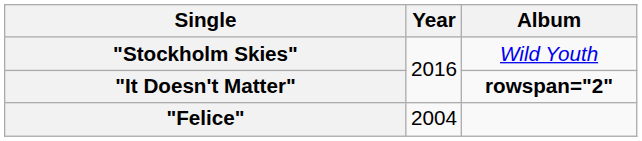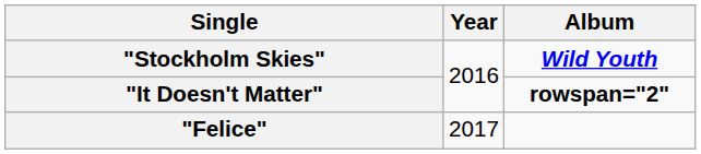 <table class="wikitable plainrowheaders" style="text-align:center;">
 <tr>
 <th scope="col" style="width:19em;">Single</th>
 <th scope="col" style="width:1em;">Year</th>
 <th scope="col" style="width:8em;">Album</th>
 </tr>
 <tr>
 <th scope="row">"Stockholm Skies"<br></th>
 <td rowspan="2">2016</td>
-<td><em><a href='#'>Wild Youth</a></em></td>
+<td><strong><em><a href='#'>Wild Youth</a></em></strong></td>
 </tr>
 <tr>
 <th scope="row">"It Doesn't Matter"</th>
 <td><strong>rowspan="2" </strong></td>
 </tr>
 <tr>
 <th scope="row">"Felice"</th>
-<td>2004</td>
+<td>2017</td>
 </tr>
 </table>
